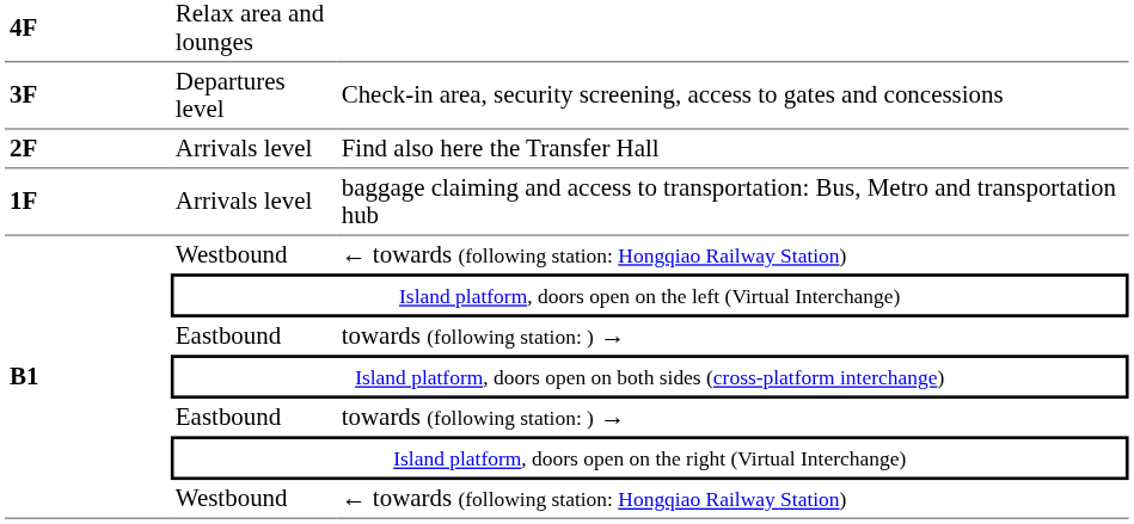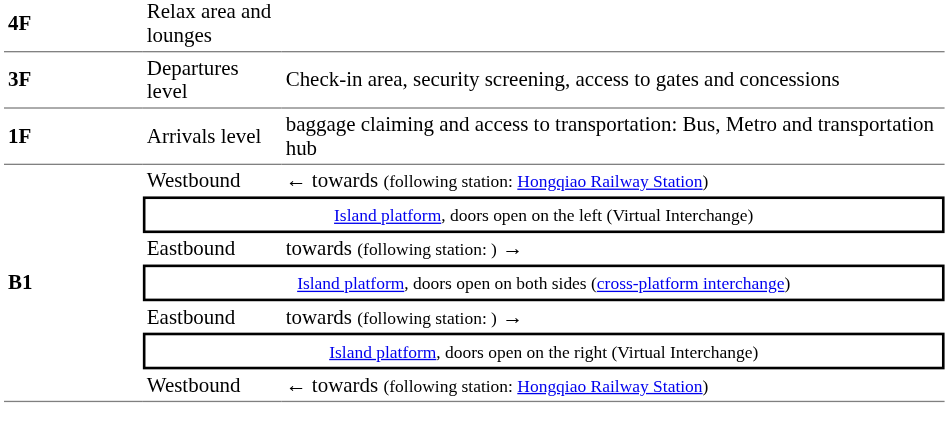 <table cellspacing=0 cellpadding=3>
 <tr>
 <td style="border-bottom:solid 1px gray;"><strong>4F</strong></td>
 <td style="border-bottom:solid 1px gray;">Relax area and lounges</td>
 <td style="border-bottom:solid 1px gray;"></td>
 </tr>
 <tr>
 <td style="border-bottom:solid 1px gray;"><strong>3F</strong></td>
 <td style="border-bottom:solid 1px gray;">Departures level</td>
 <td style="border-bottom:solid 1px gray;">Check-in area, security screening, access to gates and concessions</td>
-</tr>
-<tr>
-<td style="border-bottom:solid 1px gray;"><strong>2F</strong></td>
-<td style="border-bottom:solid 1px gray;">Arrivals level</td>
-<td style="border-bottom:solid 1px gray;">Find also here the Transfer Hall</td>
 </tr>
 <tr>
 <td style="border-bottom:solid 1px gray;"><strong>1F</strong></td>
 <td style="border-bottom:solid 1px gray;">Arrivals level</td>
 <td style="border-bottom:solid 1px gray;">baggage claiming and access to transportation: Bus, Metro and transportation hub</td>
 </tr>
 <tr>
 <td style="border-bottom:solid 1px gray;border-top:solid 0px gray;" rowspan=7 width=100><strong>B1</strong></td>
 <td style="border-top:solid 0px gray;" width=100>Westbound</td>
 <td style="border-top:solid 0px gray;" width=500>←  towards  <small>(following station: <a href='#'>Hongqiao Railway Station</a>)</small></td>
 </tr>
 <tr>
 <td style="border-right:solid 2px black;border-left:solid 2px black;border-top:solid 2px black;border-bottom:solid 2px black;text-align:center;" colspan=2><small><a href='#'>Island platform</a>, doors open on the left (Virtual Interchange)</small></td>
 </tr>
 <tr>
 <td style="border-top:solid 0px gray;border-bottom:solid 0px gray;">Eastbound</td>
 <td style="border-top:solid 0px gray;border-bottom:solid 0px gray;">  towards  <small>(following station: )</small> →</td>
 </tr>
 <tr>
 <td style="border-right:solid 2px black;border-left:solid 2px black;border-top:solid 2px black;border-bottom:solid 2px black;text-align:center;" colspan=2><small><a href='#'>Island platform</a>, doors open on both sides (<a href='#'>cross-platform interchange</a>)</small></td>
 </tr>
 <tr>
 <td style="border-top:solid 0px gray;" width=100>Eastbound</td>
 <td style="border-top:solid 0px gray">  towards  <small>(following station: )</small> →</td>
 </tr>
 <tr>
 <td style="border-right:solid 2px black;border-left:solid 2px black;border-top:solid 2px black;border-bottom:solid 2px black;text-align:center;" colspan=2><small><a href='#'>Island platform</a>, doors open on the right (Virtual Interchange)</small></td>
 </tr>
 <tr>
 <td style="border-top:solid 0px gray;border-bottom:solid 1px gray;">Westbound</td>
 <td style="border-top:solid 0px gray;border-bottom:solid 1px gray;" width=500>←  towards  <small>(following station: <a href='#'>Hongqiao Railway Station</a>)</small></td>
 </tr>
 </table>
